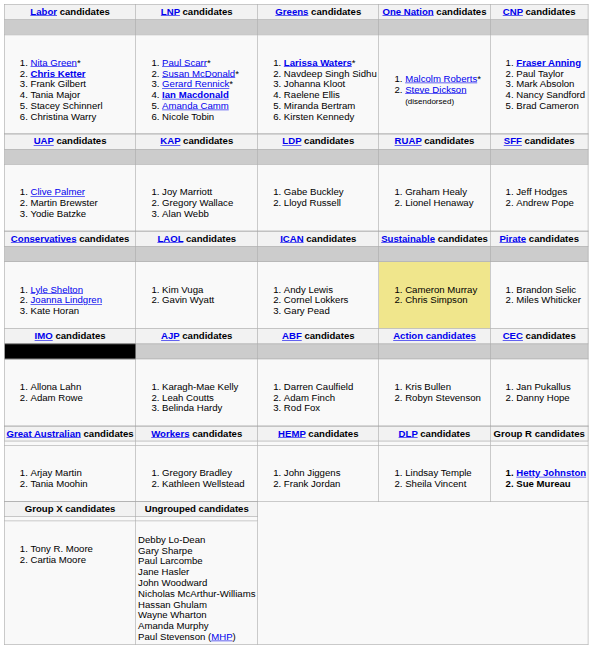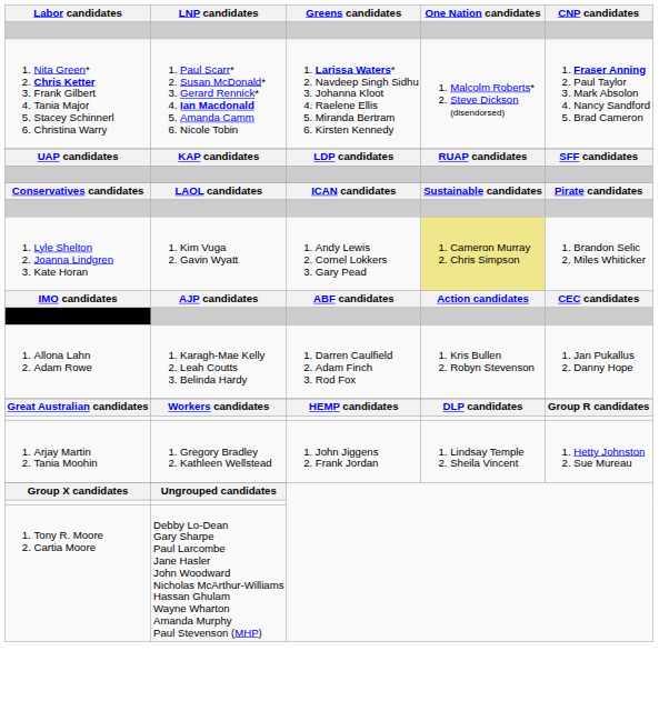 <table class="wikitable">
 <tr>
 <th><a href='#'>Labor</a> candidates</th>
 <th><a href='#'>LNP</a> candidates</th>
 <th><a href='#'>Greens</a> candidates</th>
 <th><a href='#'>One Nation</a> candidates</th>
 <th><a href='#'>CNP</a> candidates</th>
 </tr>
 <tr style="background:#ccc;">
 <td> </td>
 <td> </td>
 <td> </td>
 <td> </td>
 <td> </td>
 </tr>
 <tr>
 <td><br><ol><li><a href='#'>Nita Green</a>*</li><li><strong><a href='#'>Chris Ketter</a></strong></li><li>Frank Gilbert</li><li>Tania Major</li><li>Stacey Schinnerl</li><li>Christina Warry</li></ol></td>
 <td><br><ol><li><a href='#'>Paul Scarr</a>*</li><li><a href='#'>Susan McDonald</a>*</li><li><a href='#'>Gerard Rennick</a>*</li><li><strong><a href='#'>Ian Macdonald</a></strong></li><li><a href='#'>Amanda Camm</a></li><li>Nicole Tobin</li></ol></td>
 <td><br><ol><li><strong><a href='#'>Larissa Waters</a></strong>*</li><li>Navdeep Singh Sidhu</li><li>Johanna Kloot</li><li>Raelene Ellis</li><li>Miranda Bertram</li><li>Kirsten Kennedy</li></ol></td>
 <td><br><ol><li><a href='#'>Malcolm Roberts</a>*</li><li><a href='#'>Steve Dickson</a><br> <small>(disendorsed)</small></li></ol></td>
 <td valign=top><br><ol><li><strong><a href='#'>Fraser Anning</a></strong></li><li>Paul Taylor</li><li>Mark Absolon</li><li>Nancy Sandford</li><li>Brad Cameron</li></ol></td>
 </tr>
 <tr>
 </tr>
 <tr style="background:#ccc;">
 <th><a href='#'>UAP</a> candidates</th>
 <th><a href='#'>KAP</a> candidates</th>
 <th><a href='#'>LDP</a> candidates</th>
 <th><a href='#'>RUAP</a> candidates</th>
 <th><a href='#'>SFF</a> candidates</th>
 </tr>
 <tr style="background:#ccc;">
 <td></td>
 <td> </td>
 <td> </td>
 <td> </td>
 <td></td>
-</tr>
-<tr>
-<td valign="top"><br><ol><li><a href='#'>Clive Palmer</a></li><li>Martin Brewster</li><li>Yodie Batzke</li></ol></td>
-<td valign=top><br><ol><li>Joy Marriott</li><li>Gregory Wallace</li><li>Alan Webb</li></ol></td>
-<td valign=top><br><ol><li>Gabe Buckley</li><li>Lloyd Russell</li></ol></td>
-<td valign=top><br><ol><li>Graham Healy</li><li>Lionel Henaway</li></ol></td>
-<td valign=top><br><ol><li>Jeff Hodges</li><li>Andrew Pope</li></ol></td>
 </tr>
 <tr>
 </tr>
 <tr style="background:#ccc;">
 <th><a href='#'>Conservatives</a> candidates</th>
 <th><a href='#'>LAOL</a> candidates</th>
 <th><a href='#'>ICAN</a> candidates</th>
 <th><a href='#'>Sustainable</a> candidates</th>
 <th><a href='#'>Pirate</a> candidates</th>
 </tr>
 <tr style="background:#ccc;">
 <td> </td>
 <td></td>
 <td></td>
 <td></td>
 <td></td>
 </tr>
 <tr>
 <td valign=top><br><ol><li><a href='#'>Lyle Shelton</a></li><li><a href='#'>Joanna Lindgren</a></li><li>Kate Horan</li></ol></td>
 <td valign=top><br><ol><li>Kim Vuga</li><li>Gavin Wyatt</li></ol></td>
 <td valign=top><br><ol><li>Andy Lewis</li><li>Cornel Lokkers</li><li>Gary Pead</li></ol></td>
 <td valign=top style="background: khaki;"><br><ol><li>Cameron Murray</li><li>Chris Simpson</li></ol></td>
 <td valign=top><br><ol><li>Brandon Selic</li><li>Miles Whiticker</li></ol></td>
 </tr>
 <tr style="background:#ccc;">
 <th><a href='#'>IMO</a> candidates</th>
 <th><a href='#'>AJP</a> candidates</th>
 <th><a href='#'>ABF</a> candidates</th>
 <th><a href='#'>Action candidates</a></th>
 <th><a href='#'>CEC</a> candidates</th>
 </tr>
 <tr style="background:#ccc;">
 <td style="background-color: black"></td>
 <td></td>
 <td> </td>
 <td></td>
 <td></td>
 </tr>
 <tr>
 <td valign=top><br><ol><li>Allona Lahn</li><li>Adam Rowe</li></ol></td>
 <td valign="top"><br><ol><li>Karagh-Mae Kelly</li><li>Leah Coutts</li><li>Belinda Hardy</li></ol></td>
 <td valign=top><br><ol><li>Darren Caulfield</li><li>Adam Finch</li><li>Rod Fox</li></ol></td>
 <td valign="top"><br><ol><li>Kris Bullen</li><li>Robyn Stevenson</li></ol></td>
 <td valign=top><br><ol><li>Jan Pukallus</li><li>Danny Hope</li></ol></td>
 </tr>
 <tr>
 </tr>
 <tr style="background:#ccc;">
 <th><a href='#'>Great Australian</a> candidates</th>
 <th><a href='#'>Workers</a> candidates</th>
 <th><a href='#'>HEMP</a> candidates</th>
 <th><a href='#'>DLP</a> candidates</th>
 <th>Group R candidates</th>
 </tr>
 <tr>
 <td></td>
 <td></td>
 <td></td>
 <td></td>
 <td></td>
 </tr>
 <tr>
 <td valign=top><br><ol><li>Arjay Martin</li><li>Tania Moohin</li></ol></td>
 <td valign=top><br><ol><li>Gregory Bradley</li><li>Kathleen Wellstead</li></ol></td>
 <td valign=top><br><ol><li>John Jiggens</li><li>Frank Jordan</li></ol></td>
 <td valign=top><br><ol><li>Lindsay Temple</li><li>Sheila Vincent</li></ol></td>
-<td valign=top><strong><br><ol><li><a href='#'>Hetty Johnston</a></li><li>Sue Mureau</li></ol></strong></td>
+<td valign=top><br><ol><li><a href='#'>Hetty Johnston</a></li><li>Sue Mureau</li></ol></td>
 </tr>
 <tr>
 </tr>
 <tr style="background:#ccc;">
 <th>Group X candidates</th>
 <th>Ungrouped candidates</th>
 </tr>
 <tr>
 <td></td>
 <td></td>
 </tr>
 <tr>
 <td valign="top"><br><ol><li>Tony R. Moore</li><li>Cartia Moore</li></ol></td>
 <td valign=top><br>Debby Lo-Dean<br> Gary Sharpe<br> Paul Larcombe<br> Jane Hasler<br> John Woodward<br> Nicholas McArthur-Williams<br> Hassan Ghulam<br> Wayne Wharton<br> Amanda Murphy<br> Paul Stevenson (<a href='#'>MHP</a>)</td>
 </tr>
 </table>
